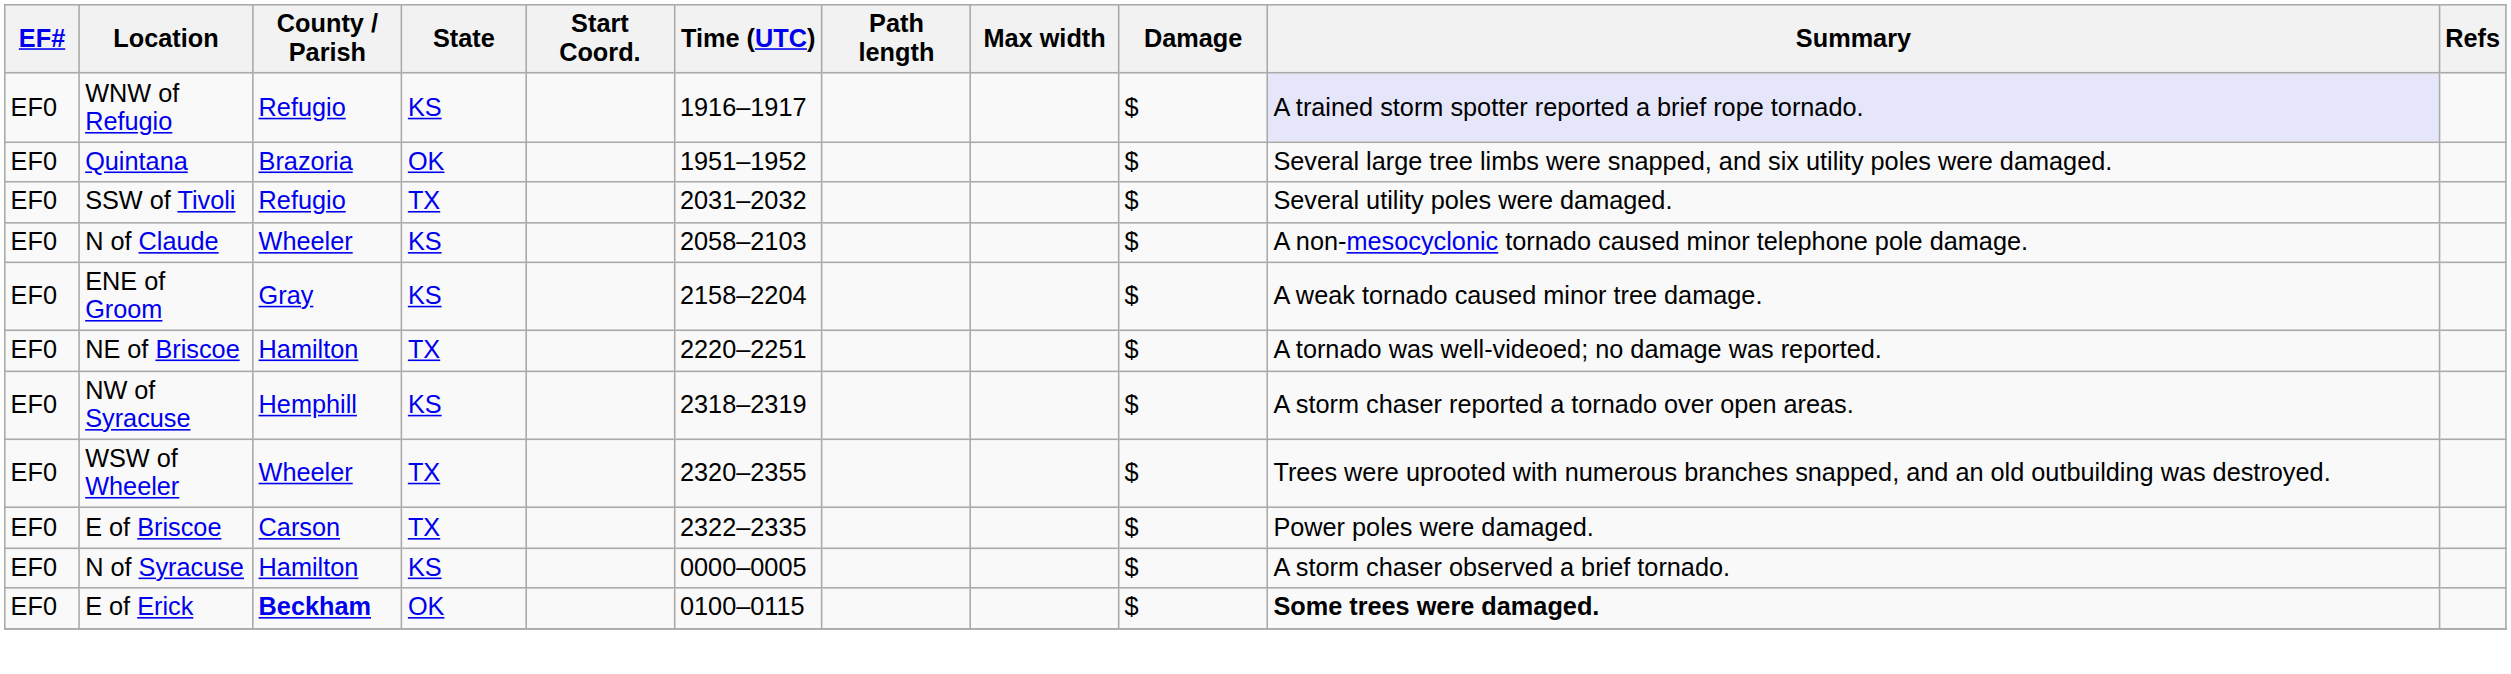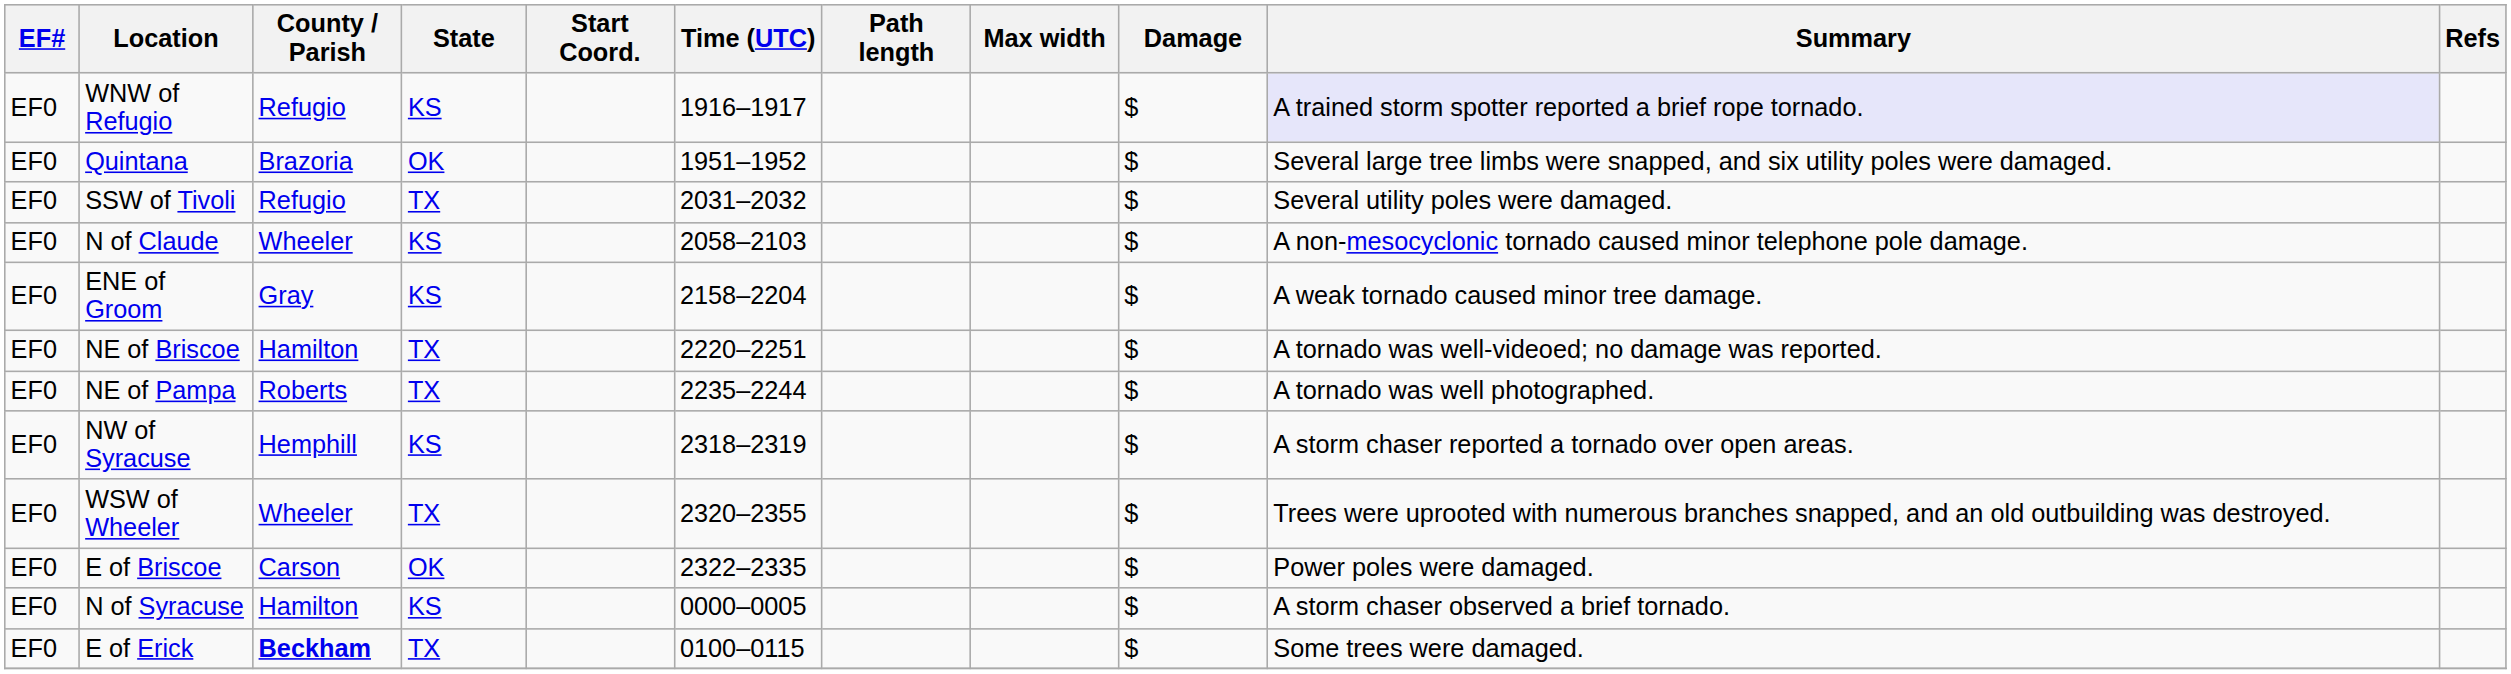 <table class="wikitable sortable" style="width:100%;">
 <tr>
 <th scope="col" width="3%" align="center"><a href='#'>EF#</a></th>
 <th scope="col" width="7%" align="center" class="unsortable">Location</th>
 <th scope="col" width="6%" align="center" class="unsortable">County / Parish</th>
 <th scope="col" width="5%" align="center">State</th>
 <th scope="col" width="6%" align="center">Start Coord.</th>
 <th scope="col" width="6%" align="center">Time (<a href='#'>UTC</a>)</th>
 <th scope="col" width="6%" align="center">Path length</th>
 <th scope="col" width="6%" align="center">Max width</th>
 <th scope="col" width="6%" align="center">Damage</th>
 <th scope="col" width="48%" class="unsortable" align="center">Summary</th>
 <th scope="col" width="48%" class="unsortable" align="center">Refs</th>
 </tr>
 <tr>
 <td>EF0</td>
 <td>WNW of <a href='#'>Refugio</a></td>
 <td><a href='#'>Refugio</a></td>
 <td><a href='#'>KS</a></td>
 <td></td>
 <td>1916–1917</td>
 <td></td>
 <td></td>
 <td>$</td>
 <td style="background: lavender;">A trained storm spotter reported a brief rope tornado.</td>
 <td></td>
 </tr>
 <tr>
 <td>EF0</td>
 <td><a href='#'>Quintana</a></td>
 <td><a href='#'>Brazoria</a></td>
 <td><a href='#'>OK</a></td>
 <td></td>
 <td>1951–1952</td>
 <td></td>
 <td></td>
 <td>$</td>
 <td>Several large tree limbs were snapped, and six utility poles were damaged.</td>
 <td></td>
 </tr>
 <tr>
 <td>EF0</td>
 <td>SSW of <a href='#'>Tivoli</a></td>
 <td><a href='#'>Refugio</a></td>
 <td><a href='#'>TX</a></td>
 <td></td>
 <td>2031–2032</td>
 <td></td>
 <td></td>
 <td>$</td>
 <td>Several utility poles were damaged.</td>
 <td></td>
 </tr>
 <tr>
 <td>EF0</td>
 <td>N of <a href='#'>Claude</a></td>
 <td><a href='#'>Wheeler</a></td>
 <td><a href='#'>KS</a></td>
 <td></td>
 <td>2058–2103</td>
 <td></td>
 <td></td>
 <td>$</td>
 <td>A non-<a href='#'>mesocyclonic</a> tornado caused minor telephone pole damage.</td>
 <td></td>
 </tr>
 <tr>
 <td>EF0</td>
 <td>ENE of <a href='#'>Groom</a></td>
 <td><a href='#'>Gray</a></td>
 <td><a href='#'>KS</a></td>
 <td></td>
 <td>2158–2204</td>
 <td></td>
 <td></td>
 <td>$</td>
 <td>A weak tornado caused minor tree damage.</td>
 <td></td>
 </tr>
 <tr>
 <td>EF0</td>
 <td>NE of <a href='#'>Briscoe</a></td>
 <td><a href='#'>Hamilton</a></td>
 <td><a href='#'>TX</a></td>
 <td></td>
 <td>2220–2251</td>
 <td></td>
 <td></td>
 <td>$</td>
 <td>A tornado was well-videoed; no damage was reported.</td>
 <td></td>
 </tr>
 <tr>
 <td>EF0</td>
+<td>NE of <a href='#'>Pampa</a></td>
+<td><a href='#'>Roberts</a></td>
+<td><a href='#'>TX</a></td>
+<td></td>
+<td>2235–2244</td>
+<td></td>
+<td></td>
+<td>$</td>
+<td>A tornado was well photographed.</td>
+<td></td>
+</tr>
+<tr>
+<td>EF0</td>
 <td>NW of <a href='#'>Syracuse</a></td>
 <td><a href='#'>Hemphill</a></td>
 <td><a href='#'>KS</a></td>
 <td></td>
 <td>2318–2319</td>
 <td></td>
 <td></td>
 <td>$</td>
 <td>A storm chaser reported a tornado over open areas.</td>
 <td></td>
 </tr>
 <tr>
 <td>EF0</td>
 <td>WSW of <a href='#'>Wheeler</a></td>
 <td><a href='#'>Wheeler</a></td>
 <td><a href='#'>TX</a></td>
 <td></td>
 <td>2320–2355</td>
 <td></td>
 <td></td>
 <td>$</td>
 <td>Trees were uprooted with numerous branches snapped, and an old outbuilding was destroyed.</td>
 <td></td>
 </tr>
 <tr>
 <td>EF0</td>
 <td>E of <a href='#'>Briscoe</a></td>
 <td><a href='#'>Carson</a></td>
-<td><a href='#'>TX</a></td>
+<td><a href='#'>OK</a></td>
 <td></td>
 <td>2322–2335</td>
 <td></td>
 <td></td>
 <td>$</td>
 <td>Power poles were damaged.</td>
 <td></td>
 </tr>
 <tr>
 <td>EF0</td>
 <td>N of <a href='#'>Syracuse</a></td>
 <td><a href='#'>Hamilton</a></td>
 <td><a href='#'>KS</a></td>
 <td></td>
 <td>0000–0005</td>
 <td></td>
 <td></td>
 <td>$</td>
 <td>A storm chaser observed a brief tornado.</td>
 <td></td>
 </tr>
 <tr>
 <td>EF0</td>
 <td>E of <a href='#'>Erick</a></td>
 <td><strong><a href='#'>Beckham</a></strong></td>
-<td><a href='#'>OK</a></td>
+<td><a href='#'>TX</a></td>
 <td></td>
 <td>0100–0115</td>
 <td></td>
 <td></td>
 <td>$</td>
-<td><strong>Some trees were damaged.</strong></td>
+<td>Some trees were damaged.</td>
 <td></td>
 </tr>
 <tr>
 </tr>
 </table>
